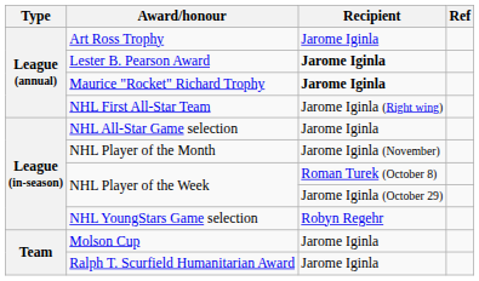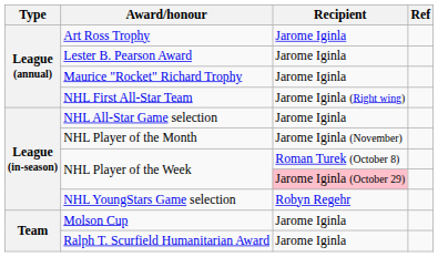 <table class="wikitable">
 <tr>
 <th scope="col">Type</th>
 <th scope="col">Award/honour</th>
 <th scope="col">Recipient</th>
 <th scope="col">Ref</th>
 </tr>
 <tr>
 <th scope="row" rowspan="4">League<br><small>(annual)</small></th>
 <td><a href='#'>Art Ross Trophy</a></td>
 <td><a href='#'>Jarome Iginla</a></td>
 <td></td>
 </tr>
 <tr>
 <td><a href='#'>Lester B. Pearson Award</a></td>
-<td><strong>Jarome Iginla</strong></td>
+<td>Jarome Iginla</td>
 <td></td>
 </tr>
 <tr>
 <td><a href='#'>Maurice "Rocket" Richard Trophy</a></td>
-<td><strong>Jarome Iginla</strong></td>
+<td>Jarome Iginla</td>
 <td></td>
 </tr>
 <tr>
 <td><a href='#'>NHL First All-Star Team</a></td>
 <td>Jarome Iginla <small>(<a href='#'>Right wing</a>)</small></td>
 <td></td>
 </tr>
 <tr>
 <th scope="row" rowspan="5">League<br><small>(in-season)</small></th>
 <td><a href='#'>NHL All-Star Game</a> selection</td>
 <td>Jarome Iginla</td>
 <td></td>
 </tr>
 <tr>
 <td>NHL Player of the Month</td>
 <td>Jarome Iginla <small>(November)</small></td>
 <td></td>
 </tr>
 <tr>
 <td rowspan="2">NHL Player of the Week</td>
 <td><a href='#'>Roman Turek</a> <small>(October 8)</small></td>
 <td></td>
 </tr>
 <tr>
-<td>Jarome Iginla <small>(October 29)</small></td>
+<td style="background: pink;">Jarome Iginla <small>(October 29)</small></td>
 <td></td>
 </tr>
 <tr>
 <td><a href='#'>NHL YoungStars Game</a> selection</td>
 <td><a href='#'>Robyn Regehr</a></td>
 <td></td>
 </tr>
 <tr>
 <th scope="row" rowspan="2">Team</th>
 <td><a href='#'>Molson Cup</a></td>
 <td>Jarome Iginla</td>
 <td></td>
 </tr>
 <tr>
 <td><a href='#'>Ralph T. Scurfield Humanitarian Award</a></td>
 <td>Jarome Iginla</td>
 <td></td>
 </tr>
 </table>
